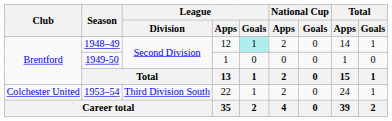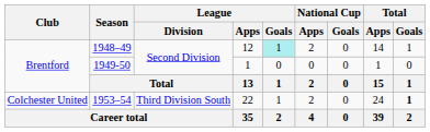 <table class="wikitable" style="text-align: center">
 <tr>
 <th rowspan="2">Club</th>
 <th rowspan="2">Season</th>
 <th colspan="3">League</th>
 <th colspan="2">National Cup</th>
 <th colspan="2">Total</th>
 </tr>
 <tr>
 <th>Division</th>
 <th>Apps</th>
 <th>Goals</th>
 <th>Apps</th>
 <th>Goals</th>
 <th>Apps</th>
 <th>Goals</th>
 </tr>
 <tr>
 <td rowspan="3"><a href='#'>Brentford</a></td>
 <td><a href='#'>1948–49</a></td>
 <td rowspan="2"><a href='#'>Second Division</a></td>
 <td>12</td>
 <td style="background: paleturquoise;">1</td>
 <td>2</td>
 <td>0</td>
 <td>14</td>
 <td>1</td>
 </tr>
 <tr>
 <td><a href='#'>1949-50</a></td>
 <td>1</td>
 <td>0</td>
 <td>0</td>
 <td>0</td>
 <td>1</td>
 <td>0</td>
 </tr>
 <tr>
 <th colspan="2">Total</th>
 <th>13</th>
 <th>1</th>
 <th>2</th>
 <th>0</th>
 <th>15</th>
 <th>1</th>
 </tr>
 <tr>
 <td><a href='#'>Colchester United</a></td>
 <td><a href='#'>1953–54</a></td>
 <td><a href='#'>Third Division South</a></td>
 <td>22</td>
 <td>1</td>
 <td>2</td>
 <td>0</td>
 <td>24</td>
-<td>1</td>
+<td><strong>1</strong></td>
 </tr>
 <tr>
 <th colspan="3">Career total</th>
 <th>35</th>
 <th>2</th>
 <th>4</th>
 <th>0</th>
 <th>39</th>
 <th>2</th>
 </tr>
 </table>
